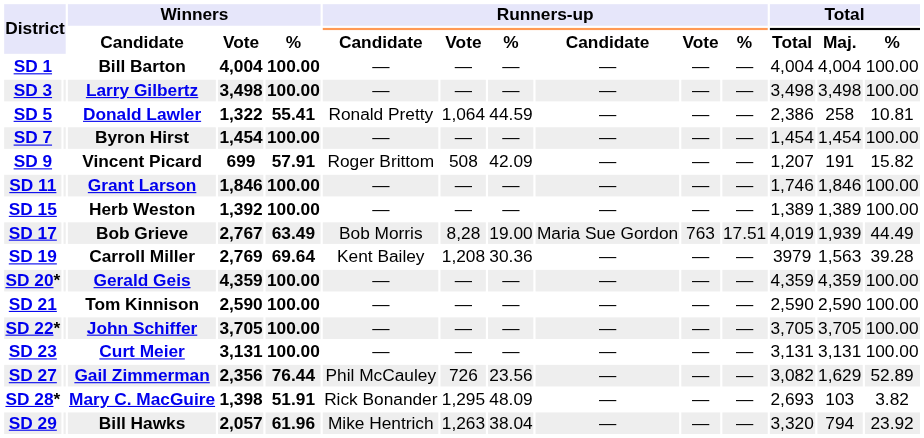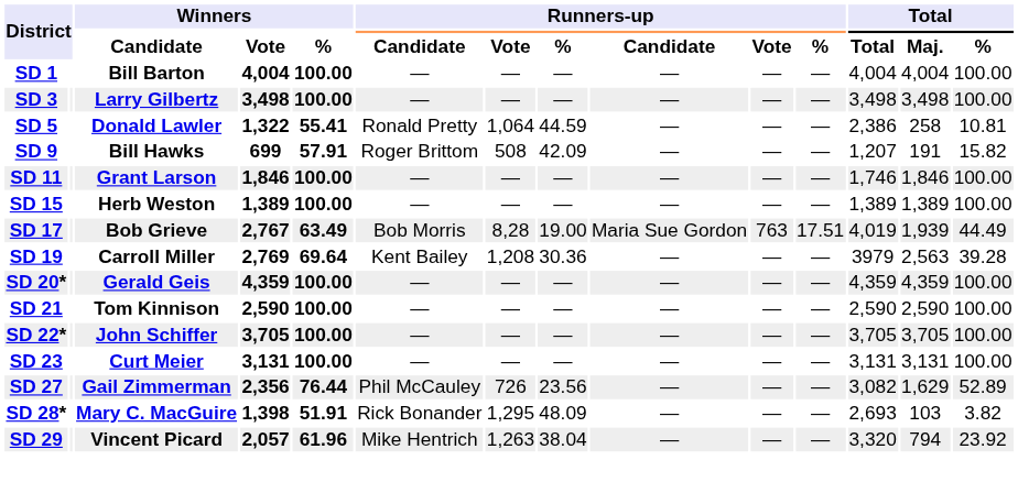 <table class="toccolours sortable" style="text-align:center;">
 <tr style="background:lavender">
 <th rowspan="3" colspan="2">District</th>
 <th colspan=3>Winners</th>
 <th colspan=6>Runners-up</th>
 <th colspan=3>Total</th>
 </tr>
 <tr>
 <th colspan=3 style="background-color:"></th>
 <th colspan=6 style="background-color:#FF9955"></th>
 <th colspan=3 style="background-color:#000000"></th>
 </tr>
 <tr>
 <th align="center">Candidate</th>
 <th align="center">Vote</th>
 <th align="center">%</th>
 <th align="center">Candidate</th>
 <th align="center">Vote</th>
 <th align="center">%</th>
 <th align="center">Candidate</th>
 <th align="center">Vote</th>
 <th align="center">%</th>
 <th align="center">Total</th>
 <th align="center">Maj.</th>
 <th align="center">%</th>
 </tr>
 <tr>
 <th><a href='#'>SD 1</a></th>
 <td style="background-color:"></td>
 <td><strong>Bill Barton</strong></td>
 <td><strong>4,004</strong></td>
 <td><strong>100.00</strong></td>
 <td>—</td>
 <td>—</td>
 <td>—</td>
 <td>—</td>
 <td>—</td>
 <td>—</td>
 <td>4,004</td>
 <td>4,004</td>
 <td>100.00</td>
 </tr>
 <tr style="background:#EEEEEE;">
 <th><a href='#'>SD 3</a></th>
 <td style="background-color:"></td>
 <td><strong><a href='#'>Larry Gilbertz</a></strong></td>
 <td><strong>3,498</strong></td>
 <td><strong>100.00</strong></td>
 <td>—</td>
 <td>—</td>
 <td>—</td>
 <td>—</td>
 <td>—</td>
 <td>—</td>
 <td>3,498</td>
 <td>3,498</td>
 <td>100.00</td>
 </tr>
 <tr>
 <th><a href='#'>SD 5</a></th>
 <td style="background-color:"></td>
 <td><strong><a href='#'>Donald Lawler</a></strong></td>
 <td><strong>1,322</strong></td>
 <td><strong>55.41</strong></td>
 <td>Ronald Pretty</td>
 <td>1,064</td>
 <td>44.59</td>
 <td>—</td>
 <td>—</td>
 <td>—</td>
 <td>2,386</td>
 <td>258</td>
 <td>10.81</td>
 </tr>
-<tr style="background:#EEEEEE;">
-<th><a href='#'>SD 7</a></th>
-<td style="background-color:"></td>
-<td><strong>Byron Hirst</strong></td>
-<td><strong>1,454</strong></td>
-<td><strong>100.00</strong></td>
-<td>—</td>
-<td>—</td>
-<td>—</td>
-<td>—</td>
-<td>—</td>
-<td>—</td>
-<td>1,454</td>
-<td>1,454</td>
-<td>100.00</td>
-</tr>
 <tr>
 <th><a href='#'>SD 9</a></th>
 <td style="background-color:"></td>
-<td><strong>Vincent Picard</strong></td>
+<td><strong>Bill Hawks</strong></td>
 <td><strong>699	</strong></td>
 <td><strong>57.91</strong></td>
 <td>Roger Brittom</td>
 <td>508</td>
 <td>42.09</td>
 <td>—</td>
 <td>—</td>
 <td>—</td>
 <td>1,207</td>
 <td>191</td>
 <td>15.82</td>
 </tr>
 <tr style="background:#EEEEEE;">
 <th><a href='#'>SD 11</a></th>
 <td style="background-color:"></td>
 <td><strong><a href='#'>Grant Larson</a></strong></td>
 <td><strong>1,846</strong></td>
 <td><strong>100.00</strong></td>
 <td>—</td>
 <td>—</td>
 <td>—</td>
 <td>—</td>
 <td>—</td>
 <td>—</td>
 <td>1,746</td>
 <td>1,846</td>
 <td>100.00</td>
 </tr>
 <tr>
 <th><a href='#'>SD 15</a></th>
 <td style="background-color:"></td>
 <td><strong>Herb Weston</strong></td>
-<td><strong>1,392</strong></td>
+<td><strong>1,389</strong></td>
 <td><strong>100.00</strong></td>
 <td>—</td>
 <td>—</td>
 <td>—</td>
 <td>—</td>
 <td>—</td>
 <td>—</td>
 <td>1,389</td>
 <td>1,389</td>
 <td>100.00</td>
 </tr>
 <tr style="background:#EEEEEE;">
 <th><a href='#'>SD 17</a></th>
 <td style="background-color:"></td>
 <td><strong>Bob Grieve</strong></td>
 <td><strong>2,767</strong></td>
 <td><strong>63.49</strong></td>
 <td>Bob Morris</td>
 <td>8,28</td>
 <td>19.00</td>
 <td>Maria Sue Gordon</td>
 <td>763</td>
 <td>17.51</td>
 <td>4,019</td>
 <td>1,939</td>
 <td>44.49</td>
 </tr>
 <tr>
 <th><a href='#'>SD 19</a></th>
 <td style="background-color:"></td>
 <td><strong>Carroll Miller</strong></td>
 <td><strong>2,769</strong></td>
 <td><strong>69.64</strong></td>
 <td>Kent Bailey</td>
 <td>1,208</td>
 <td>30.36</td>
 <td>—</td>
 <td>—</td>
 <td>—</td>
 <td>3979</td>
-<td>1,563</td>
+<td>2,563</td>
 <td>39.28</td>
 </tr>
 <tr style="background:#EEEEEE;">
 <th><a href='#'>SD 20</a>*</th>
 <td style="background-color:"></td>
 <td><strong><a href='#'>Gerald Geis</a></strong></td>
 <td><strong>4,359</strong></td>
 <td><strong>100.00</strong></td>
 <td>—</td>
 <td>—</td>
 <td>—</td>
 <td>—</td>
 <td>—</td>
 <td>—</td>
 <td>4,359</td>
 <td>4,359</td>
 <td>100.00</td>
 </tr>
 <tr>
 <th><a href='#'>SD 21</a></th>
 <td style="background-color:"></td>
 <td><strong>Tom Kinnison</strong></td>
 <td><strong>2,590</strong></td>
 <td><strong>100.00</strong></td>
 <td>—</td>
 <td>—</td>
 <td>—</td>
 <td>—</td>
 <td>—</td>
 <td>—</td>
 <td>2,590</td>
 <td>2,590</td>
 <td>100.00</td>
 </tr>
 <tr style="background:#EEEEEE;">
 <th><a href='#'>SD 22</a>*</th>
 <td style="background-color:"></td>
 <td><strong><a href='#'>John Schiffer</a></strong></td>
 <td><strong>3,705</strong></td>
 <td><strong>100.00</strong></td>
 <td>—</td>
 <td>—</td>
 <td>—</td>
 <td>—</td>
 <td>—</td>
 <td>—</td>
 <td>3,705</td>
 <td>3,705</td>
 <td>100.00</td>
 </tr>
 <tr>
 <th><a href='#'>SD 23</a></th>
 <td style="background-color:"></td>
 <td><strong><a href='#'>Curt Meier</a></strong></td>
 <td><strong>3,131</strong></td>
 <td><strong>100.00</strong></td>
 <td>—</td>
 <td>—</td>
 <td>—</td>
 <td>—</td>
 <td>—</td>
 <td>—</td>
 <td>3,131</td>
 <td>3,131</td>
 <td>100.00</td>
 </tr>
 <tr style="background:#EEEEEE;">
 <th><a href='#'>SD 27</a></th>
 <td style="background-color:"></td>
 <td><strong><a href='#'>Gail Zimmerman</a></strong></td>
 <td><strong>2,356</strong></td>
 <td><strong>76.44</strong></td>
 <td>Phil McCauley</td>
 <td>726</td>
 <td>23.56</td>
 <td>—</td>
 <td>—</td>
 <td>—</td>
 <td>3,082</td>
 <td>1,629</td>
 <td>52.89</td>
 </tr>
 <tr>
 <th><a href='#'>SD 28</a>*</th>
 <td style="background-color:"></td>
 <td><strong><a href='#'>Mary C. MacGuire</a></strong></td>
 <td><strong>1,398</strong></td>
 <td><strong>51.91</strong></td>
 <td>Rick Bonander</td>
 <td>1,295</td>
 <td>48.09</td>
 <td>—</td>
 <td>—</td>
 <td>—</td>
 <td>2,693</td>
 <td>103</td>
 <td>3.82</td>
 </tr>
 <tr style="background:#EEEEEE;">
 <th><a href='#'>SD 29</a></th>
 <td style="background-color:"></td>
-<td><strong>Bill Hawks</strong></td>
+<td><strong>Vincent Picard</strong></td>
 <td><strong>2,057</strong></td>
 <td><strong>61.96</strong></td>
 <td>Mike Hentrich</td>
 <td>1,263</td>
 <td>38.04</td>
 <td>—</td>
 <td>—</td>
 <td>—</td>
 <td>3,320</td>
 <td>794</td>
 <td>23.92</td>
 </tr>
 </table>
